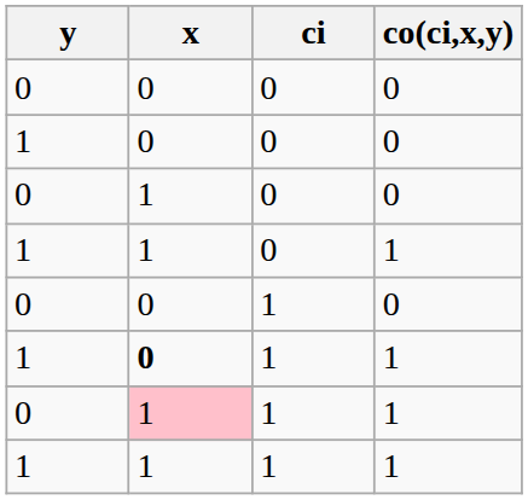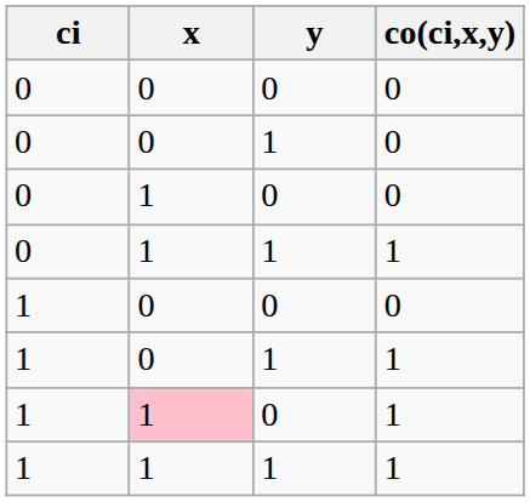 <table class="wikitable" style="margin: 1em auto 1em auto">
 <tr>
+<th width="50">ci</th>
+<th width="50">x</th>
 <th width="50">y</th>
-<th width="50">x</th>
-<th width="50">ci</th>
 <th width="50">co(ci,x,y)</th>
 </tr>
 <tr>
 <td>0</td>
 <td>0</td>
 <td>0</td>
 <td>0</td>
 </tr>
 <tr>
-<td>1</td>
 <td>0</td>
 <td>0</td>
+<td>1</td>
 <td>0</td>
 </tr>
 <tr>
 <td>0</td>
 <td>1</td>
 <td>0</td>
 <td>0</td>
 </tr>
 <tr>
+<td>0</td>
 <td>1</td>
 <td>1</td>
-<td>0</td>
 <td>1</td>
 </tr>
 <tr>
+<td>1</td>
 <td>0</td>
 <td>0</td>
-<td>1</td>
 <td>0</td>
 </tr>
 <tr>
 <td>1</td>
-<td><strong>0</strong></td>
+<td>0</td>
 <td>1</td>
 <td>1</td>
 </tr>
 <tr>
+<td>1</td>
+<td style="background: pink;">1</td>
 <td>0</td>
-<td style="background: pink;">1</td>
-<td>1</td>
 <td>1</td>
 </tr>
 <tr>
 <td>1</td>
 <td>1</td>
 <td>1</td>
 <td>1</td>
 </tr>
 </table>
